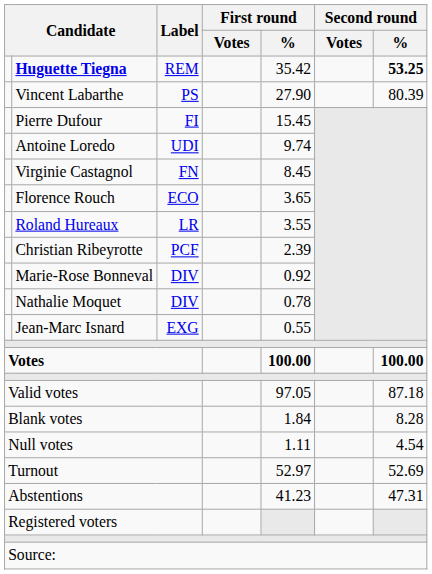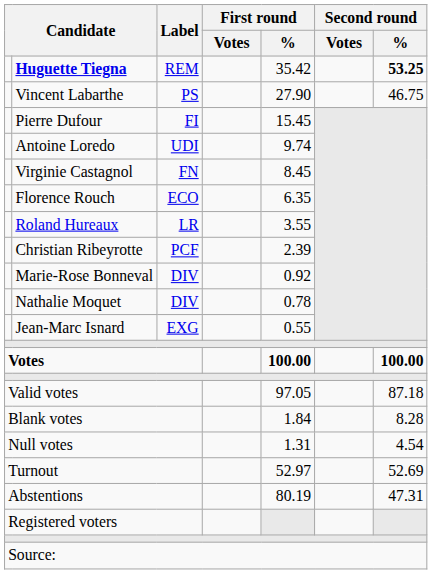 <table class="wikitable" style="text-align:right;font-size:95%;">
 <tr>
 <th rowspan="2" colspan="2">Candidate</th>
 <th rowspan="2">Label</th>
 <th colspan="2">First round</th>
 <th colspan="2">Second round</th>
 </tr>
 <tr>
 <th style="width:50px;">Votes</th>
 <th style="width:45px;">%</th>
 <th style="width:50px;">Votes</th>
 <th style="width:45px;">%</th>
 </tr>
 <tr>
 <td style="color:inherit;background:"></td>
 <td style="text-align:left;"><strong><a href='#'>Huguette Tiegna</a></strong></td>
 <td><a href='#'>REM</a></td>
 <td></td>
 <td>35.42</td>
 <td><strong></strong></td>
 <td><strong>53.25</strong></td>
 </tr>
 <tr>
 <td style="color:inherit;background:"></td>
 <td style="text-align:left;">Vincent Labarthe</td>
 <td><a href='#'>PS</a></td>
 <td></td>
 <td>27.90</td>
 <td></td>
-<td>80.39</td>
+<td>46.75</td>
 </tr>
 <tr>
 <td style="color:inherit;background:"></td>
 <td style="text-align:left;">Pierre Dufour</td>
 <td><a href='#'>FI</a></td>
 <td></td>
 <td>15.45</td>
 <td colspan="2" rowspan="9" style="background:#E9E9E9;"></td>
 </tr>
 <tr>
 <td style="color:inherit;background:"></td>
 <td style="text-align:left;">Antoine Loredo</td>
 <td><a href='#'>UDI</a></td>
 <td></td>
 <td>9.74</td>
 </tr>
 <tr>
 <td style="color:inherit;background:"></td>
 <td style="text-align:left;">Virginie Castagnol</td>
 <td><a href='#'>FN</a></td>
 <td></td>
 <td>8.45</td>
 </tr>
 <tr>
 <td style="color:inherit;background:"></td>
 <td style="text-align:left;">Florence Rouch</td>
 <td><a href='#'>ECO</a></td>
 <td></td>
-<td>3.65</td>
+<td>6.35</td>
 </tr>
 <tr>
 <td style="color:inherit;background:"></td>
 <td style="text-align:left;"><a href='#'>Roland Hureaux</a></td>
 <td><a href='#'>LR</a></td>
 <td></td>
 <td>3.55</td>
 </tr>
 <tr>
 <td style="color:inherit;background:"></td>
 <td style="text-align:left;">Christian Ribeyrotte</td>
 <td><a href='#'>PCF</a></td>
 <td></td>
 <td>2.39</td>
 </tr>
 <tr>
 <td style="color:inherit;background:"></td>
 <td style="text-align:left;">Marie-Rose Bonneval</td>
 <td><a href='#'>DIV</a></td>
 <td></td>
 <td>0.92</td>
 </tr>
 <tr>
 <td style="color:inherit;background:"></td>
 <td style="text-align:left;">Nathalie Moquet</td>
 <td><a href='#'>DIV</a></td>
 <td></td>
 <td>0.78</td>
 </tr>
 <tr>
 <td style="color:inherit;background:"></td>
 <td style="text-align:left;">Jean-Marc Isnard</td>
 <td><a href='#'>EXG</a></td>
 <td></td>
 <td>0.55</td>
 </tr>
 <tr>
 <td colspan="7" style="background:#E9E9E9;"></td>
 </tr>
 <tr style="font-weight:bold;">
 <td colspan="3" style="text-align:left;">Votes</td>
 <td></td>
 <td>100.00</td>
 <td></td>
 <td>100.00</td>
 </tr>
 <tr>
 <td colspan="7" style="background:#E9E9E9;"></td>
 </tr>
 <tr>
 <td colspan="3" style="text-align:left;">Valid votes</td>
 <td></td>
 <td>97.05</td>
 <td></td>
 <td>87.18</td>
 </tr>
 <tr>
 <td colspan="3" style="text-align:left;">Blank votes</td>
 <td></td>
 <td>1.84</td>
 <td></td>
 <td>8.28</td>
 </tr>
 <tr>
 <td colspan="3" style="text-align:left;">Null votes</td>
 <td></td>
-<td>1.11</td>
+<td>1.31</td>
 <td></td>
 <td>4.54</td>
 </tr>
 <tr>
 <td colspan="3" style="text-align:left;">Turnout</td>
 <td></td>
 <td>52.97</td>
 <td></td>
 <td>52.69</td>
 </tr>
 <tr>
 <td colspan="3" style="text-align:left;">Abstentions</td>
 <td></td>
-<td>41.23</td>
+<td>80.19</td>
 <td></td>
 <td>47.31</td>
 </tr>
 <tr>
 <td colspan="3" style="text-align:left;">Registered voters</td>
 <td></td>
 <td style="background:#E9E9E9;"></td>
 <td></td>
 <td style="background:#E9E9E9;"></td>
 </tr>
 <tr>
 <td colspan="7" style="background:#E9E9E9;"></td>
 </tr>
 <tr>
 <td colspan="7" style="text-align:left;">Source: </td>
 </tr>
 </table>
